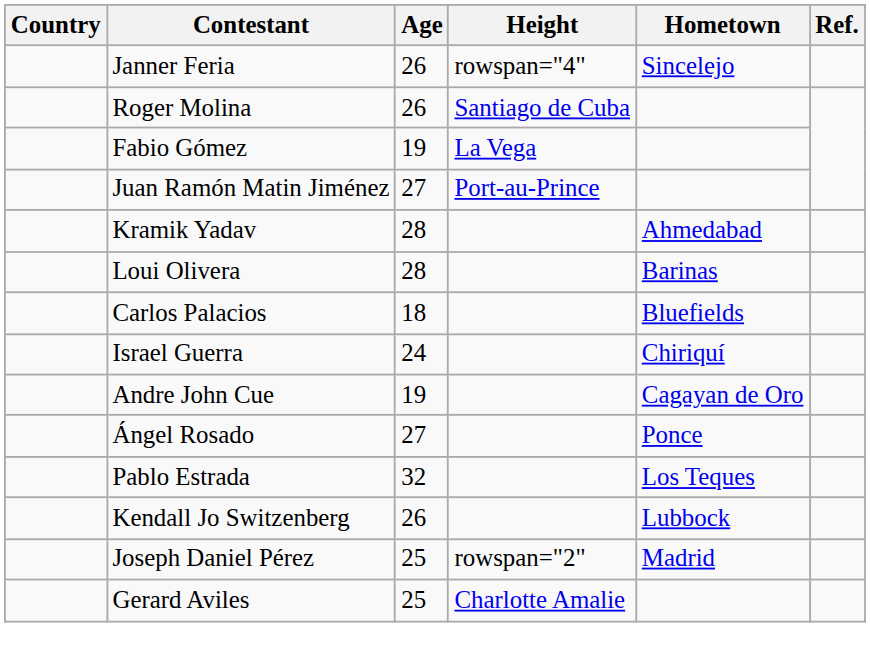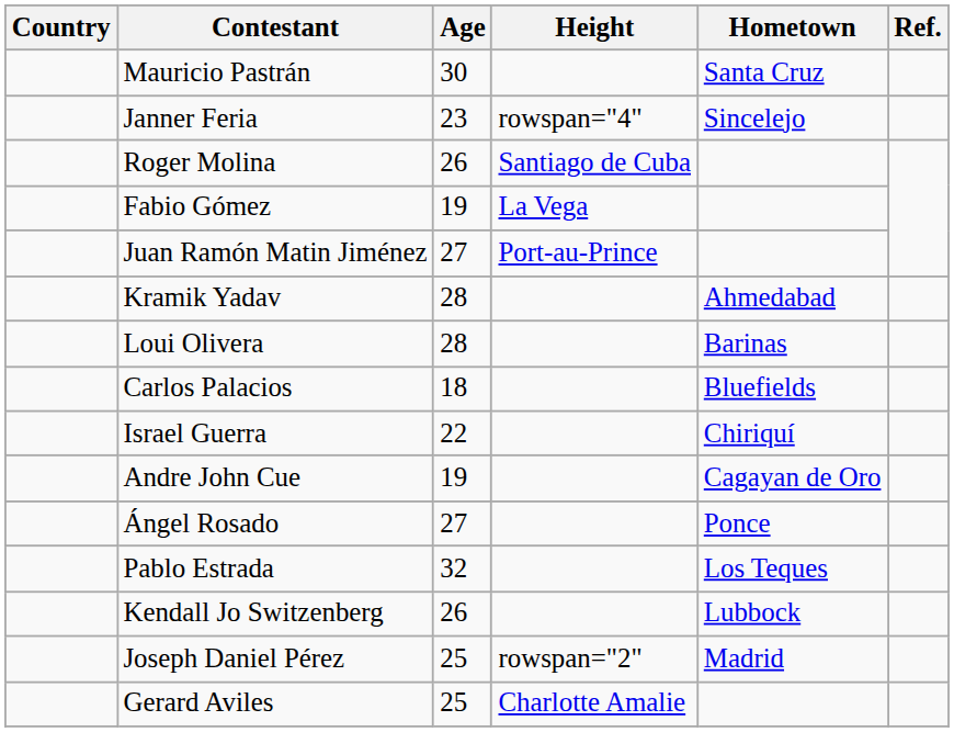 <table class="wikitable sortable" style="font-size: 85%;">
 <tr>
 <th>Country</th>
 <th>Contestant</th>
 <th>Age</th>
 <th>Height</th>
 <th>Hometown</th>
 <th>Ref.</th>
 </tr>
 <tr>
 <td></td>
+<td>Mauricio Pastrán</td>
+<td>30</td>
+<td></td>
+<td><a href='#'>Santa Cruz</a></td>
+<td> </td>
+</tr>
+<tr>
+<td></td>
 <td>Janner Feria</td>
-<td>26</td>
+<td>23</td>
 <td>rowspan="4" </td>
 <td><a href='#'>Sincelejo</a></td>
 <td></td>
 </tr>
 <tr>
 <td></td>
 <td>Roger Molina</td>
 <td>26</td>
 <td><a href='#'>Santiago de Cuba</a></td>
 <td></td>
 </tr>
 <tr>
 <td></td>
 <td>Fabio Gómez</td>
 <td>19</td>
 <td><a href='#'>La Vega</a></td>
 <td></td>
 </tr>
 <tr>
 <td></td>
 <td>Juan Ramón Matin Jiménez</td>
 <td>27</td>
 <td><a href='#'>Port-au-Prince</a></td>
 <td></td>
 </tr>
 <tr>
 <td></td>
 <td>Kramik Yadav</td>
 <td>28</td>
 <td></td>
 <td><a href='#'>Ahmedabad</a></td>
 <td></td>
 </tr>
 <tr>
 <td></td>
 <td>Loui Olivera</td>
 <td>28</td>
 <td></td>
 <td><a href='#'>Barinas</a></td>
 <td></td>
 </tr>
 <tr>
 <td></td>
 <td>Carlos Palacios</td>
 <td>18</td>
 <td></td>
 <td><a href='#'>Bluefields</a></td>
 <td> </td>
 </tr>
 <tr>
 <td></td>
 <td>Israel Guerra</td>
-<td>24</td>
+<td>22</td>
 <td></td>
 <td><a href='#'>Chiriquí</a></td>
 <td></td>
 </tr>
 <tr>
 <td></td>
 <td>Andre John Cue</td>
 <td>19</td>
 <td></td>
 <td><a href='#'>Cagayan de Oro</a></td>
 <td></td>
 </tr>
 <tr>
 <td></td>
 <td>Ángel Rosado</td>
 <td>27</td>
 <td></td>
 <td><a href='#'>Ponce</a></td>
 <td></td>
 </tr>
 <tr>
 <td></td>
 <td>Pablo Estrada</td>
 <td>32</td>
 <td></td>
 <td><a href='#'>Los Teques</a></td>
 <td></td>
 </tr>
 <tr>
 <td></td>
 <td>Kendall Jo Switzenberg</td>
 <td>26</td>
 <td></td>
 <td><a href='#'>Lubbock</a></td>
 <td></td>
 </tr>
 <tr>
 <td></td>
 <td>Joseph Daniel Pérez</td>
 <td>25</td>
 <td>rowspan="2" </td>
 <td><a href='#'>Madrid</a></td>
 <td></td>
 </tr>
 <tr>
 <td></td>
 <td>Gerard Aviles</td>
 <td>25</td>
 <td><a href='#'>Charlotte Amalie</a></td>
 <td></td>
 </tr>
 </table>
